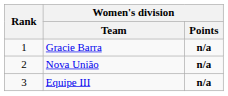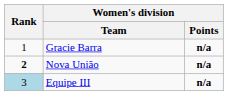 <table class="wikitable" style="text-align:center;">
 <tr>
 <th rowspan="2" width="50">Rank</th>
 <th colspan="2">Women's division</th>
 </tr>
 <tr>
 <th width="200">Team</th>
 <th width="50">Points</th>
 </tr>
 <tr>
 <td>1</td>
 <td style=text-align:left><a href='#'>Gracie Barra</a></td>
 <td><strong>n/a</strong></td>
 </tr>
 <tr>
-<td>2</td>
+<td><strong>2</strong></td>
 <td style=text-align:left><a href='#'>Nova União</a></td>
 <td><strong>n/a</strong></td>
 </tr>
 <tr>
-<td>3</td>
+<td style="background: lightblue;">3</td>
 <td style=text-align:left><a href='#'>Equipe III</a></td>
 <td><strong>n/a</strong></td>
 </tr>
 </table>
